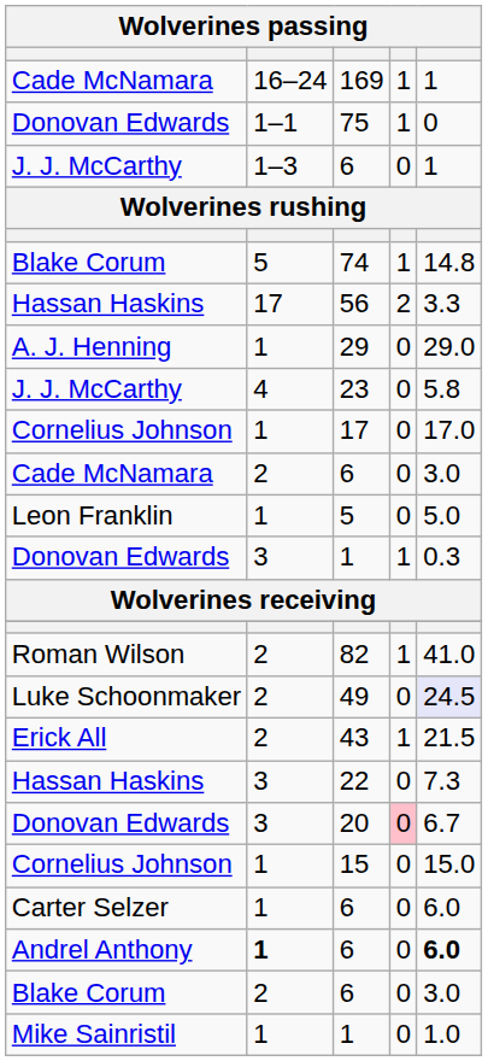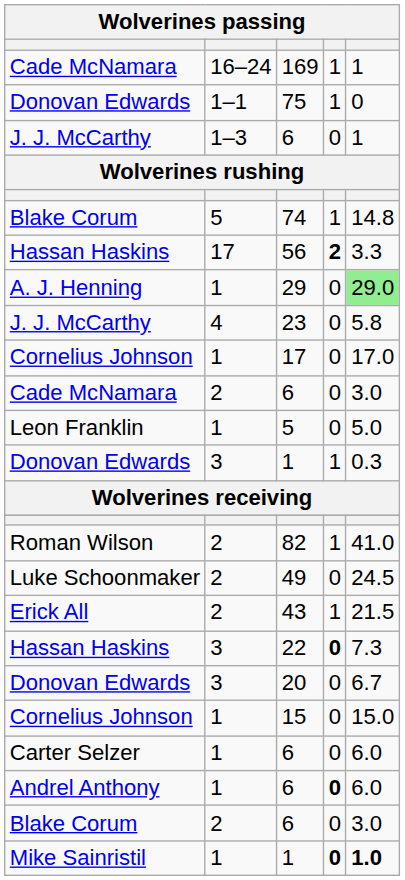 <table class="wikitable plainrowheaders">
 <tr>
 <th colspan="6">Wolverines passing</th>
 </tr>
 <tr>
 <th scope="col"></th>
 <th scope="col"></th>
 <th scope="col"></th>
 <th scope="col"></th>
 <th scope="col"></th>
 </tr>
 <tr>
 <td><a href='#'>Cade McNamara</a></td>
 <td>16–24</td>
 <td>169</td>
 <td>1</td>
 <td>1</td>
 </tr>
 <tr>
 <td><a href='#'>Donovan Edwards</a></td>
 <td>1–1</td>
 <td>75</td>
 <td>1</td>
 <td>0</td>
 </tr>
 <tr>
 <td><a href='#'>J. J. McCarthy</a></td>
 <td>1–3</td>
 <td>6</td>
 <td>0</td>
 <td>1</td>
 </tr>
 <tr>
 <th colspan="6">Wolverines rushing</th>
 </tr>
 <tr>
 <th scope="col"></th>
 <th scope="col"></th>
 <th scope="col"></th>
 <th scope="col"></th>
 <th scope="col"></th>
 </tr>
 <tr>
 <td><a href='#'>Blake Corum</a></td>
 <td>5</td>
 <td>74</td>
 <td>1</td>
 <td>14.8</td>
 </tr>
 <tr>
 <td><a href='#'>Hassan Haskins</a></td>
 <td>17</td>
 <td>56</td>
-<td>2</td>
+<td><strong>2</strong></td>
 <td>3.3</td>
 </tr>
 <tr>
 <td><a href='#'>A. J. Henning</a></td>
 <td>1</td>
 <td>29</td>
 <td>0</td>
-<td>29.0</td>
+<td style="background: lightgreen;">29.0</td>
 </tr>
 <tr>
 <td><a href='#'>J. J. McCarthy</a></td>
 <td>4</td>
 <td>23</td>
 <td>0</td>
 <td>5.8</td>
 </tr>
 <tr>
 <td><a href='#'>Cornelius Johnson</a></td>
 <td>1</td>
 <td>17</td>
 <td>0</td>
 <td>17.0</td>
 </tr>
 <tr>
 <td><a href='#'>Cade McNamara</a></td>
 <td>2</td>
 <td>6</td>
 <td>0</td>
 <td>3.0</td>
 </tr>
 <tr>
 <td>Leon Franklin</td>
 <td>1</td>
 <td>5</td>
 <td>0</td>
 <td>5.0</td>
 </tr>
 <tr>
 <td><a href='#'>Donovan Edwards</a></td>
 <td>3</td>
 <td>1</td>
 <td>1</td>
 <td>0.3</td>
 </tr>
 <tr>
 <th colspan="6">Wolverines receiving</th>
 </tr>
 <tr>
 </tr>
 <tr>
 <th scope="col"></th>
 <th scope="col"></th>
 <th scope="col"></th>
 <th scope="col"></th>
 <th scope="col"></th>
 </tr>
 <tr>
 <td>Roman Wilson</td>
 <td>2</td>
 <td>82</td>
 <td>1</td>
 <td>41.0</td>
 </tr>
 <tr>
 <td>Luke Schoonmaker</td>
 <td>2</td>
 <td>49</td>
 <td>0</td>
-<td style="background: lavender;">24.5</td>
+<td>24.5</td>
 </tr>
 <tr>
 <td><a href='#'>Erick All</a></td>
 <td>2</td>
 <td>43</td>
 <td>1</td>
 <td>21.5</td>
 </tr>
 <tr>
 <td><a href='#'>Hassan Haskins</a></td>
 <td>3</td>
 <td>22</td>
-<td>0</td>
+<td><strong>0</strong></td>
 <td>7.3</td>
 </tr>
 <tr>
 <td><a href='#'>Donovan Edwards</a></td>
 <td>3</td>
 <td>20</td>
-<td style="background: pink;">0</td>
+<td>0</td>
 <td>6.7</td>
 </tr>
 <tr>
 <td><a href='#'>Cornelius Johnson</a></td>
 <td>1</td>
 <td>15</td>
 <td>0</td>
 <td>15.0</td>
 </tr>
 <tr>
 <td>Carter Selzer</td>
 <td>1</td>
 <td>6</td>
 <td>0</td>
 <td>6.0</td>
 </tr>
 <tr>
 <td><a href='#'>Andrel Anthony</a></td>
-<td><strong>1</strong></td>
+<td>1</td>
 <td>6</td>
-<td>0</td>
-<td><strong>6.0</strong></td>
+<td><strong>0</strong></td>
+<td>6.0</td>
 </tr>
 <tr>
 <td><a href='#'>Blake Corum</a></td>
 <td>2</td>
 <td>6</td>
 <td>0</td>
 <td>3.0</td>
 </tr>
 <tr>
 <td><a href='#'>Mike Sainristil</a></td>
 <td>1</td>
 <td>1</td>
-<td>0</td>
-<td>1.0</td>
+<td><strong>0</strong></td>
+<td><strong>1.0</strong></td>
 </tr>
 <tr>
 </tr>
 </table>
